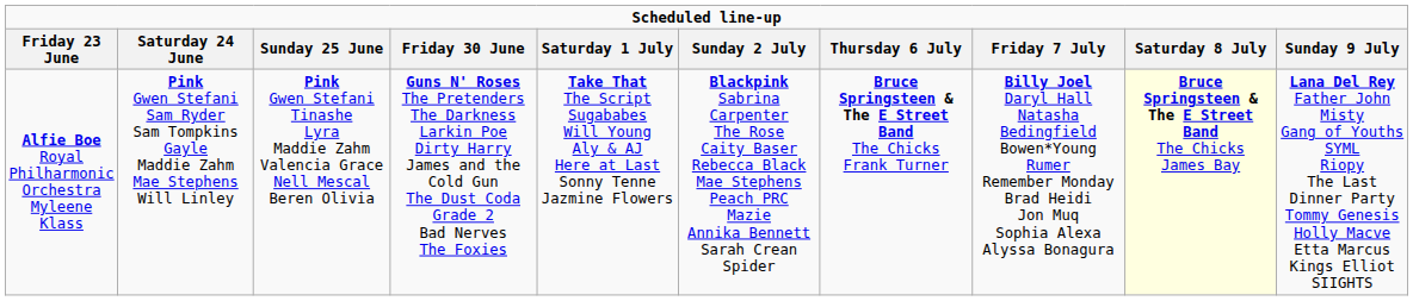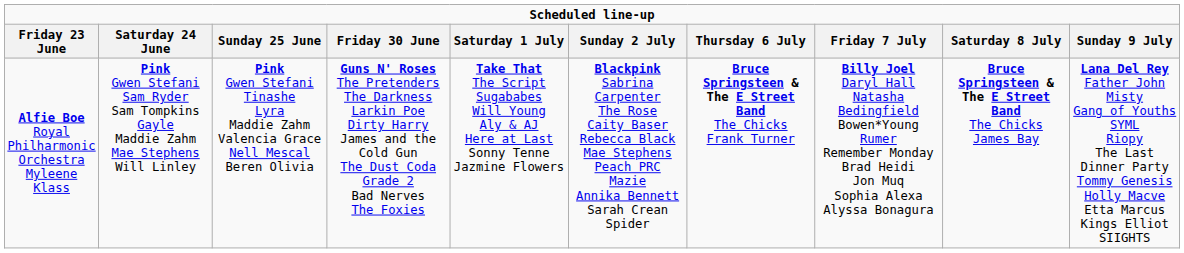 <table class="wikitable" style="text-align:center;">
 <tr>
 <td colspan="11"><strong>Scheduled line-up</strong></td>
 </tr>
 <tr>
 <th>Friday 23 June</th>
 <th>Saturday 24 June</th>
 <th>Sunday 25 June</th>
 <th>Friday 30 June</th>
 <th>Saturday 1 July</th>
 <th>Sunday 2 July</th>
 <th>Thursday 6 July</th>
 <th>Friday 7 July</th>
 <th>Saturday 8 July</th>
 <th>Sunday 9 July</th>
 </tr>
 <tr>
 <td><strong><a href='#'>Alfie Boe</a></strong> <br> <a href='#'>Royal Philharmonic Orchestra</a> <br> <a href='#'>Myleene Klass</a></td>
 <td style="vertical-align:top; width:200px;"><strong><a href='#'>Pink</a></strong> <br><a href='#'>Gwen Stefani</a> <br> <a href='#'>Sam Ryder</a> <br> Sam Tompkins <br> <a href='#'>Gayle</a> <br> Maddie Zahm <br> <a href='#'>Mae Stephens</a> <br> Will Linley</td>
 <td style="vertical-align:top; width:200px;"><strong><a href='#'>Pink</a></strong> <br><a href='#'>Gwen Stefani</a> <br> <a href='#'>Tinashe</a> <br> <a href='#'>Lyra</a> <br> Maddie Zahm <br> Valencia Grace <br> <a href='#'>Nell Mescal</a> <br> Beren Olivia</td>
 <td style="vertical-align:top; width:200px;"><strong><a href='#'>Guns N' Roses</a></strong> <br><a href='#'>The Pretenders</a> <br> <a href='#'>The Darkness</a> <br> <a href='#'>Larkin Poe</a> <br> <a href='#'>Dirty Harry</a> <br> James and the Cold Gun <br> <a href='#'>The Dust Coda</a> <br> <a href='#'>Grade 2</a> <br> Bad Nerves <br> <a href='#'>The Foxies</a></td>
 <td style="vertical-align:top; width:200px;"><strong><a href='#'>Take That</a></strong> <br><a href='#'>The Script</a><br><a href='#'>Sugababes</a> <br> <a href='#'>Will Young</a> <br> <a href='#'>Aly & AJ</a> <br> <a href='#'>Here at Last</a> <br> Sonny Tenne <br> Jazmine Flowers</td>
 <td style="vertical-align:top; width:200px;"><strong><a href='#'>Blackpink</a></strong> <br> <a href='#'>Sabrina Carpenter</a>  <br> <a href='#'>The Rose</a> <br> <a href='#'>Caity Baser</a> <br> <a href='#'>Rebecca Black</a> <br> <a href='#'>Mae Stephens</a> <br> <a href='#'>Peach PRC</a> <br> <a href='#'>Mazie</a> <br> <a href='#'>Annika Bennett</a> <br> Sarah Crean <br> Spider</td>
 <td style="vertical-align:top; width:200px;"><strong><a href='#'>Bruce Springsteen</a> & The <a href='#'>E Street Band</a></strong> <br> <a href='#'>The Chicks</a> <br> <a href='#'>Frank Turner</a></td>
 <td style="vertical-align:top; width:200px;"><strong><a href='#'>Billy Joel</a></strong> <br> <a href='#'>Daryl Hall</a> <br> <a href='#'>Natasha Bedingfield</a> <br> Bowen*Young <br> <a href='#'>Rumer</a> <br> Remember Monday <br> Brad Heidi <br> Jon Muq <br> Sophia Alexa <br> Alyssa Bonagura</td>
-<td style="background: lightyellow; vertical-align:top; width:200px;"><strong><a href='#'>Bruce Springsteen</a> & The <a href='#'>E Street Band</a></strong> <br> <a href='#'>The Chicks</a> <br> <a href='#'>James Bay</a></td>
+<td style="vertical-align:top; width:200px;"><strong><a href='#'>Bruce Springsteen</a> & The <a href='#'>E Street Band</a></strong> <br> <a href='#'>The Chicks</a> <br> <a href='#'>James Bay</a></td>
 <td style="vertical-align:top; width:200px"><strong><a href='#'>Lana Del Rey</a></strong> <br><a href='#'>Father John Misty</a><br><a href='#'>Gang of Youths</a><br><a href='#'>SYML</a><br><a href='#'>Riopy</a><br> The Last Dinner Party <br><a href='#'>Tommy Genesis</a> <br> <a href='#'>Holly Macve</a> <br> Etta Marcus <br> Kings Elliot <br>SIIGHTS</td>
 </tr>
 </table>
